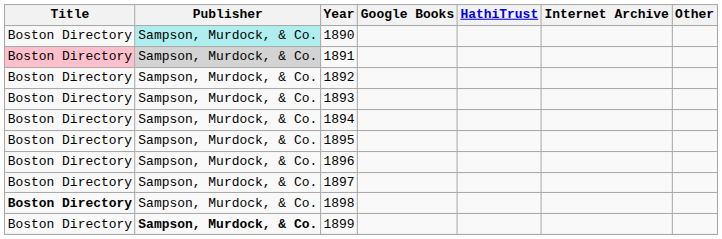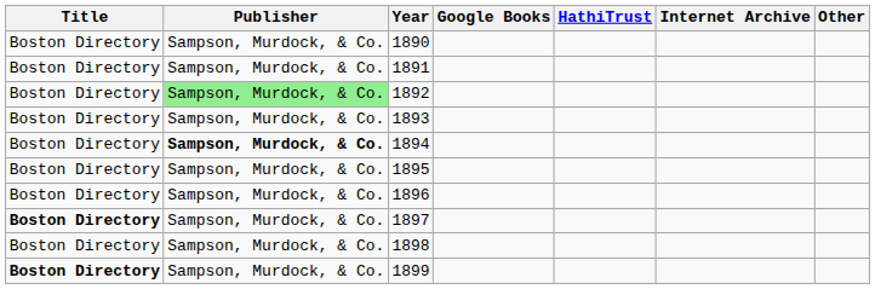 <table class="wikitable" style="font-size: 95%;">
 <tr>
 <th>Title</th>
 <th>Publisher</th>
 <th>Year</th>
 <th>Google Books</th>
 <th><a href='#'>HathiTrust</a></th>
 <th>Internet Archive</th>
 <th>Other</th>
 </tr>
 <tr>
 <td>Boston Directory</td>
-<td style="background: paleturquoise;">Sampson, Murdock, & Co.</td>
+<td>Sampson, Murdock, & Co.</td>
 <td>1890</td>
 <td></td>
 <td></td>
 <td></td>
 <td></td>
 </tr>
 <tr>
-<td style="background: pink;">Boston Directory</td>
-<td style="background: lightgrey;">Sampson, Murdock, & Co.</td>
+<td>Boston Directory</td>
+<td>Sampson, Murdock, & Co.</td>
 <td>1891</td>
 <td></td>
 <td></td>
 <td></td>
 <td></td>
 </tr>
 <tr>
 <td>Boston Directory</td>
-<td>Sampson, Murdock, & Co.</td>
+<td style="background: lightgreen;">Sampson, Murdock, & Co.</td>
 <td>1892</td>
 <td></td>
 <td></td>
 <td></td>
 <td></td>
 </tr>
 <tr>
 <td>Boston Directory</td>
 <td>Sampson, Murdock, & Co.</td>
 <td>1893</td>
 <td></td>
 <td></td>
 <td></td>
 <td></td>
 </tr>
 <tr>
 <td>Boston Directory</td>
-<td>Sampson, Murdock, & Co.</td>
+<td><strong>Sampson, Murdock, & Co.</strong></td>
 <td>1894</td>
 <td></td>
 <td></td>
 <td></td>
 <td></td>
 </tr>
 <tr>
 <td>Boston Directory</td>
 <td>Sampson, Murdock, & Co.</td>
 <td>1895</td>
 <td></td>
 <td></td>
 <td></td>
 <td></td>
 </tr>
 <tr>
 <td>Boston Directory</td>
 <td>Sampson, Murdock, & Co.</td>
 <td>1896</td>
 <td></td>
 <td></td>
 <td></td>
 <td></td>
 </tr>
 <tr>
-<td>Boston Directory</td>
+<td><strong>Boston Directory</strong></td>
 <td>Sampson, Murdock, & Co.</td>
 <td>1897</td>
 <td></td>
 <td></td>
 <td></td>
 <td></td>
 </tr>
 <tr>
-<td><strong>Boston Directory</strong></td>
+<td>Boston Directory</td>
 <td>Sampson, Murdock, & Co.</td>
 <td>1898</td>
 <td></td>
 <td></td>
 <td></td>
 <td></td>
 </tr>
 <tr>
-<td>Boston Directory</td>
-<td><strong>Sampson, Murdock, & Co.</strong></td>
+<td><strong>Boston Directory</strong></td>
+<td>Sampson, Murdock, & Co.</td>
 <td>1899</td>
 <td></td>
 <td></td>
 <td></td>
 <td></td>
 </tr>
 <tr>
 </tr>
 </table>
